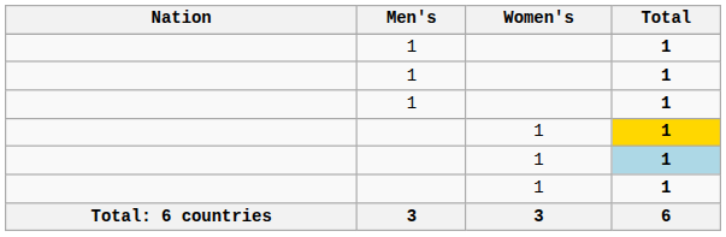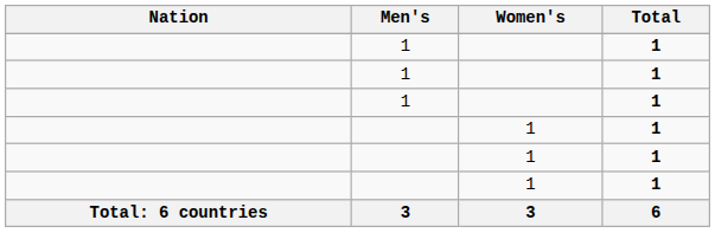 <table class="wikitable" width=500 style="text-align:center; font-size:90%">
 <tr>
 <th align="left">Nation</th>
 <th>Men's</th>
 <th>Women's</th>
 <th>Total</th>
 </tr>
 <tr style="font-size:95%">
 </tr>
 <tr>
 <td align=left></td>
 <td>1</td>
 <td></td>
 <td><strong>1</strong></td>
 </tr>
 <tr>
 <td align=left></td>
 <td>1</td>
 <td></td>
 <td><strong>1</strong></td>
 </tr>
 <tr>
 <td align=left></td>
 <td>1</td>
 <td></td>
 <td><strong>1</strong></td>
 </tr>
 <tr>
 <td align=left></td>
 <td></td>
 <td>1</td>
-<td style="background: gold;"><strong>1</strong></td>
+<td><strong>1</strong></td>
 </tr>
 <tr>
 <td align=left></td>
 <td></td>
 <td>1</td>
-<td style="background: lightblue;"><strong>1</strong></td>
+<td><strong>1</strong></td>
 </tr>
 <tr>
 <td align=left></td>
 <td></td>
 <td>1</td>
 <td><strong>1</strong></td>
 </tr>
 <tr>
 <th>Total: 6 countries</th>
 <th>3</th>
 <th>3</th>
 <th>6</th>
 </tr>
 </table>
